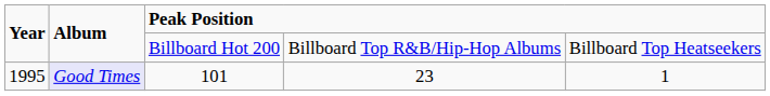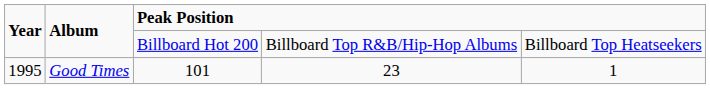 <table class="wikitable">
 <tr>
 <td rowspan="2"><strong>Year</strong></td>
 <td rowspan="2"><strong>Album</strong></td>
 <td colspan="3"><strong>Peak Position</strong></td>
 </tr>
 <tr>
 <td><a href='#'>Billboard Hot 200</a></td>
 <td>Billboard <a href='#'>Top R&B/Hip-Hop Albums</a></td>
 <td>Billboard <a href='#'>Top Heatseekers</a></td>
 </tr>
 <tr>
 <td rowspan="1">1995</td>
-<td style="background: lavender;"><em><a href='#'>Good Times</a></em></td>
+<td><em><a href='#'>Good Times</a></em></td>
 <td align="center">101</td>
 <td align="center">23</td>
 <td align="center">1</td>
 </tr>
 </table>
